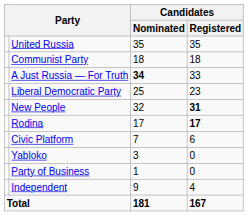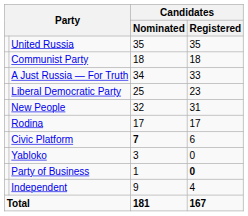 <table class="wikitable sortable" style="background: #f9f9f9; text-align:left; font-size: 95%">
 <tr>
 <th align=center rowspan=2 colspan=2>Party</th>
 <th align=center colspan=2>Candidates</th>
 </tr>
 <tr>
 <th align=center>Nominated</th>
 <th align=center>Registered</th>
 </tr>
 <tr>
 <td></td>
 <td><a href='#'>United Russia</a></td>
 <td>35</td>
 <td>35</td>
 </tr>
 <tr>
 <td></td>
 <td><a href='#'>Communist Party</a></td>
 <td>18</td>
 <td>18</td>
 </tr>
 <tr>
 <td></td>
 <td><a href='#'>A Just Russia — For Truth</a></td>
-<td><strong>34</strong></td>
+<td>34</td>
 <td>33</td>
 </tr>
 <tr>
 <td></td>
 <td><a href='#'>Liberal Democratic Party</a></td>
 <td>25</td>
 <td>23</td>
 </tr>
 <tr>
 <td></td>
 <td><a href='#'>New People</a></td>
 <td>32</td>
-<td><strong>31</strong></td>
+<td>31</td>
 </tr>
 <tr>
 <td></td>
 <td><a href='#'>Rodina</a></td>
 <td>17</td>
-<td><strong>17</strong></td>
+<td>17</td>
 </tr>
 <tr>
 <td></td>
 <td><a href='#'>Civic Platform</a></td>
-<td>7</td>
+<td><strong>7</strong></td>
 <td>6</td>
 </tr>
 <tr>
 <td></td>
 <td><a href='#'>Yabloko</a></td>
 <td>3</td>
 <td>0</td>
 </tr>
 <tr>
 <td></td>
 <td><a href='#'>Party of Business</a></td>
 <td>1</td>
-<td>0</td>
+<td><strong>0</strong></td>
 </tr>
 <tr>
 <td></td>
 <td><a href='#'>Independent</a></td>
 <td>9</td>
 <td>4</td>
 </tr>
 <tr>
 <td colspan=2><strong>Total</strong></td>
 <td><strong>181</strong></td>
 <td><strong>167</strong></td>
 </tr>
 </table>
